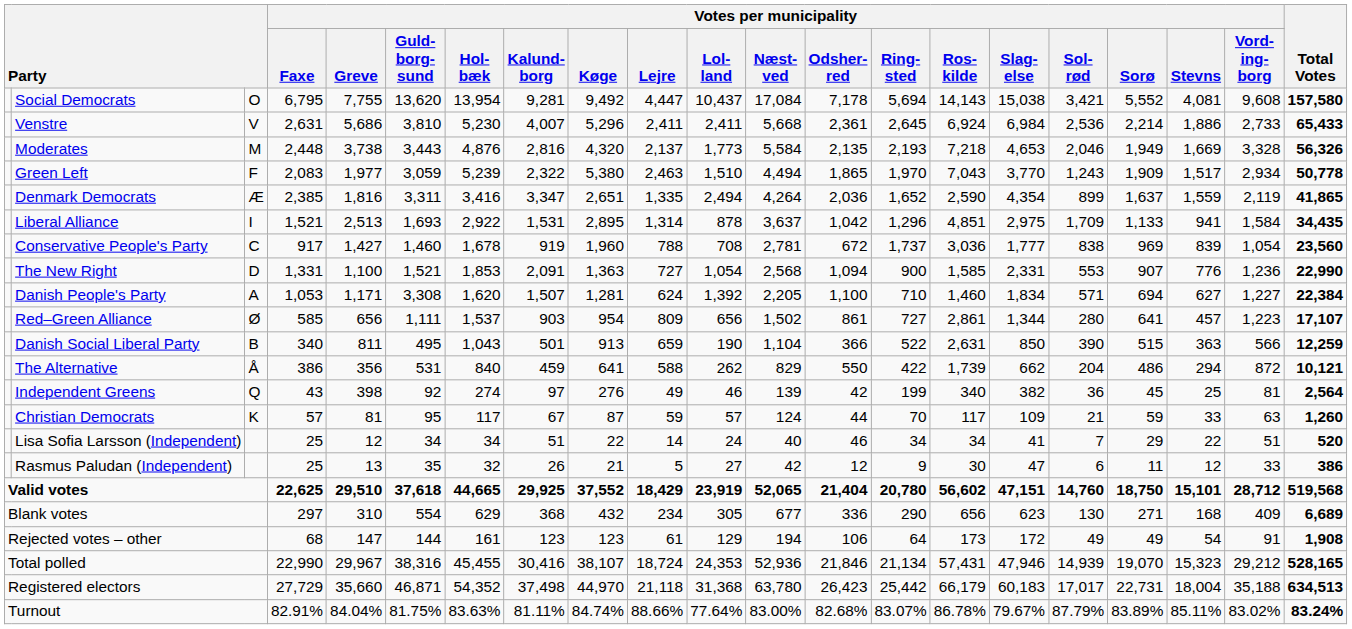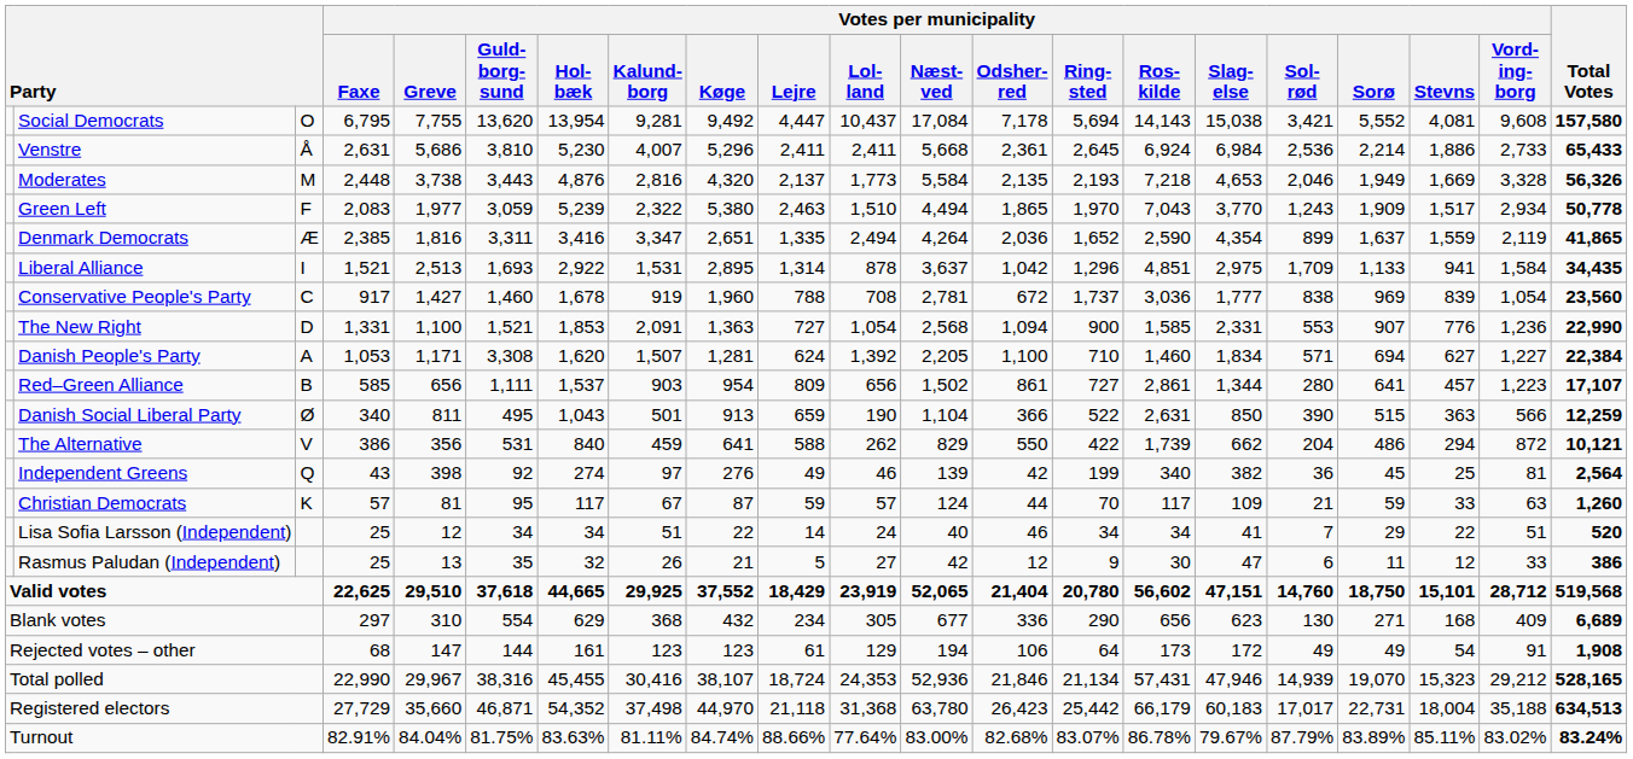 <table class="wikitable" border="1" style="text-align:right;">
 <tr>
 <th style="text-align:left;" valign=bottom rowspan=2 colspan=3>Party</th>
 <th colspan=17>Votes per municipality</th>
 <th align=center valign=bottom rowspan=2 width="50">Total Votes</th>
 </tr>
 <tr>
 <th align=center valign=bottom width="50"><a href='#'>Faxe</a></th>
 <th align=center valign=bottom width="50"><a href='#'>Greve</a></th>
 <th align=center valign=bottom width="50"><a href='#'>Guld- borg- sund</a></th>
 <th align=center valign=bottom width="50"><a href='#'>Hol- bæk</a></th>
 <th align=center valign=bottom width="50"><a href='#'>Kalund- borg</a></th>
 <th align=center valign=bottom width="50"><a href='#'>Køge</a></th>
 <th align=center valign=bottom width="50"><a href='#'>Lejre</a></th>
 <th align=center valign=bottom width="50"><a href='#'>Lol- land</a></th>
 <th align=center valign=bottom width="50"><a href='#'>Næst- ved</a></th>
 <th align=center valign=bottom width="50"><a href='#'>Odsher- red</a></th>
 <th align=center valign=bottom width="50"><a href='#'>Ring- sted</a></th>
 <th align=center valign=bottom width="50"><a href='#'>Ros- kilde</a></th>
 <th align=center valign=bottom width="50"><a href='#'>Slag- else</a></th>
 <th align=center valign=bottom width="50"><a href='#'>Sol- rød</a></th>
 <th align=center valign=bottom width="50"><a href='#'>Sorø</a></th>
 <th align=center valign=bottom width="50"><a href='#'>Stevns</a></th>
 <th align=center valign=bottom width="50"><a href='#'>Vord- ing- borg</a></th>
 </tr>
 <tr>
 <td></td>
 <td align=left><a href='#'>Social Democrats</a></td>
 <td align=left>O</td>
 <td>6,795</td>
 <td>7,755</td>
 <td>13,620</td>
 <td>13,954</td>
 <td>9,281</td>
 <td>9,492</td>
 <td>4,447</td>
 <td>10,437</td>
 <td>17,084</td>
 <td>7,178</td>
 <td>5,694</td>
 <td>14,143</td>
 <td>15,038</td>
 <td>3,421</td>
 <td>5,552</td>
 <td>4,081</td>
 <td>9,608</td>
 <td><strong>157,580</strong></td>
 </tr>
 <tr>
 <td></td>
 <td align=left><a href='#'>Venstre</a></td>
-<td align=left>V</td>
+<td align=left>Å</td>
 <td>2,631</td>
 <td>5,686</td>
 <td>3,810</td>
 <td>5,230</td>
 <td>4,007</td>
 <td>5,296</td>
 <td>2,411</td>
 <td>2,411</td>
 <td>5,668</td>
 <td>2,361</td>
 <td>2,645</td>
 <td>6,924</td>
 <td>6,984</td>
 <td>2,536</td>
 <td>2,214</td>
 <td>1,886</td>
 <td>2,733</td>
 <td><strong>65,433</strong></td>
 </tr>
 <tr>
 <td></td>
 <td align=left><a href='#'>Moderates</a></td>
 <td align=left>M</td>
 <td>2,448</td>
 <td>3,738</td>
 <td>3,443</td>
 <td>4,876</td>
 <td>2,816</td>
 <td>4,320</td>
 <td>2,137</td>
 <td>1,773</td>
 <td>5,584</td>
 <td>2,135</td>
 <td>2,193</td>
 <td>7,218</td>
 <td>4,653</td>
 <td>2,046</td>
 <td>1,949</td>
 <td>1,669</td>
 <td>3,328</td>
 <td><strong>56,326</strong></td>
 </tr>
 <tr>
 <td></td>
 <td align=left><a href='#'>Green Left</a></td>
 <td align=left>F</td>
 <td>2,083</td>
 <td>1,977</td>
 <td>3,059</td>
 <td>5,239</td>
 <td>2,322</td>
 <td>5,380</td>
 <td>2,463</td>
 <td>1,510</td>
 <td>4,494</td>
 <td>1,865</td>
 <td>1,970</td>
 <td>7,043</td>
 <td>3,770</td>
 <td>1,243</td>
 <td>1,909</td>
 <td>1,517</td>
 <td>2,934</td>
 <td><strong>50,778</strong></td>
 </tr>
 <tr>
 <td></td>
 <td align=left><a href='#'>Denmark Democrats</a></td>
 <td align=left>Æ</td>
 <td>2,385</td>
 <td>1,816</td>
 <td>3,311</td>
 <td>3,416</td>
 <td>3,347</td>
 <td>2,651</td>
 <td>1,335</td>
 <td>2,494</td>
 <td>4,264</td>
 <td>2,036</td>
 <td>1,652</td>
 <td>2,590</td>
 <td>4,354</td>
 <td>899</td>
 <td>1,637</td>
 <td>1,559</td>
 <td>2,119</td>
 <td><strong>41,865</strong></td>
 </tr>
 <tr>
 <td></td>
 <td align=left><a href='#'>Liberal Alliance</a></td>
 <td align=left>I</td>
 <td>1,521</td>
 <td>2,513</td>
 <td>1,693</td>
 <td>2,922</td>
 <td>1,531</td>
 <td>2,895</td>
 <td>1,314</td>
 <td>878</td>
 <td>3,637</td>
 <td>1,042</td>
 <td>1,296</td>
 <td>4,851</td>
 <td>2,975</td>
 <td>1,709</td>
 <td>1,133</td>
 <td>941</td>
 <td>1,584</td>
 <td><strong>34,435</strong></td>
 </tr>
 <tr>
 <td></td>
 <td align=left style="white-space: nowrap;"><a href='#'>Conservative People's Party</a></td>
 <td align=left>C</td>
 <td>917</td>
 <td>1,427</td>
 <td>1,460</td>
 <td>1,678</td>
 <td>919</td>
 <td>1,960</td>
 <td>788</td>
 <td>708</td>
 <td>2,781</td>
 <td>672</td>
 <td>1,737</td>
 <td>3,036</td>
 <td>1,777</td>
 <td>838</td>
 <td>969</td>
 <td>839</td>
 <td>1,054</td>
 <td><strong>23,560</strong></td>
 </tr>
 <tr>
 <td></td>
 <td align=left><a href='#'>The New Right</a></td>
 <td align=left>D</td>
 <td>1,331</td>
 <td>1,100</td>
 <td>1,521</td>
 <td>1,853</td>
 <td>2,091</td>
 <td>1,363</td>
 <td>727</td>
 <td>1,054</td>
 <td>2,568</td>
 <td>1,094</td>
 <td>900</td>
 <td>1,585</td>
 <td>2,331</td>
 <td>553</td>
 <td>907</td>
 <td>776</td>
 <td>1,236</td>
 <td><strong>22,990</strong></td>
 </tr>
 <tr>
 <td></td>
 <td align=left><a href='#'>Danish People's Party</a></td>
 <td align=left>A</td>
 <td>1,053</td>
 <td>1,171</td>
 <td>3,308</td>
 <td>1,620</td>
 <td>1,507</td>
 <td>1,281</td>
 <td>624</td>
 <td>1,392</td>
 <td>2,205</td>
 <td>1,100</td>
 <td>710</td>
 <td>1,460</td>
 <td>1,834</td>
 <td>571</td>
 <td>694</td>
 <td>627</td>
 <td>1,227</td>
 <td><strong>22,384</strong></td>
 </tr>
 <tr>
 <td></td>
 <td align=left><a href='#'>Red–Green Alliance</a></td>
-<td align=left>Ø</td>
+<td align=left>B</td>
 <td>585</td>
 <td>656</td>
 <td>1,111</td>
 <td>1,537</td>
 <td>903</td>
 <td>954</td>
 <td>809</td>
 <td>656</td>
 <td>1,502</td>
 <td>861</td>
 <td>727</td>
 <td>2,861</td>
 <td>1,344</td>
 <td>280</td>
 <td>641</td>
 <td>457</td>
 <td>1,223</td>
 <td><strong>17,107</strong></td>
 </tr>
 <tr>
 <td></td>
 <td align=left><a href='#'>Danish Social Liberal Party</a></td>
-<td align=left>B</td>
+<td align=left>Ø</td>
 <td>340</td>
 <td>811</td>
 <td>495</td>
 <td>1,043</td>
 <td>501</td>
 <td>913</td>
 <td>659</td>
 <td>190</td>
 <td>1,104</td>
 <td>366</td>
 <td>522</td>
 <td>2,631</td>
 <td>850</td>
 <td>390</td>
 <td>515</td>
 <td>363</td>
 <td>566</td>
 <td><strong>12,259</strong></td>
 </tr>
 <tr>
 <td></td>
 <td align=left><a href='#'>The Alternative</a></td>
-<td align=left>Å</td>
+<td align=left>V</td>
 <td>386</td>
 <td>356</td>
 <td>531</td>
 <td>840</td>
 <td>459</td>
 <td>641</td>
 <td>588</td>
 <td>262</td>
 <td>829</td>
 <td>550</td>
 <td>422</td>
 <td>1,739</td>
 <td>662</td>
 <td>204</td>
 <td>486</td>
 <td>294</td>
 <td>872</td>
 <td><strong>10,121</strong></td>
 </tr>
 <tr>
 <td></td>
 <td align=left><a href='#'>Independent Greens</a></td>
 <td align=left>Q</td>
 <td>43</td>
 <td>398</td>
 <td>92</td>
 <td>274</td>
 <td>97</td>
 <td>276</td>
 <td>49</td>
 <td>46</td>
 <td>139</td>
 <td>42</td>
 <td>199</td>
 <td>340</td>
 <td>382</td>
 <td>36</td>
 <td>45</td>
 <td>25</td>
 <td>81</td>
 <td><strong>2,564</strong></td>
 </tr>
 <tr>
 <td></td>
 <td align=left><a href='#'>Christian Democrats</a></td>
 <td align=left>K</td>
 <td>57</td>
 <td>81</td>
 <td>95</td>
 <td>117</td>
 <td>67</td>
 <td>87</td>
 <td>59</td>
 <td>57</td>
 <td>124</td>
 <td>44</td>
 <td>70</td>
 <td>117</td>
 <td>109</td>
 <td>21</td>
 <td>59</td>
 <td>33</td>
 <td>63</td>
 <td><strong>1,260</strong></td>
 </tr>
 <tr>
 <td></td>
 <td align=left>Lisa Sofia Larsson (<a href='#'>Independent</a>)</td>
 <td></td>
 <td>25</td>
 <td>12</td>
 <td>34</td>
 <td>34</td>
 <td>51</td>
 <td>22</td>
 <td>14</td>
 <td>24</td>
 <td>40</td>
 <td>46</td>
 <td>34</td>
 <td>34</td>
 <td>41</td>
 <td>7</td>
 <td>29</td>
 <td>22</td>
 <td>51</td>
 <td><strong>520</strong></td>
 </tr>
 <tr>
 <td></td>
 <td align=left>Rasmus Paludan (<a href='#'>Independent</a>)</td>
 <td></td>
 <td>25</td>
 <td>13</td>
 <td>35</td>
 <td>32</td>
 <td>26</td>
 <td>21</td>
 <td>5</td>
 <td>27</td>
 <td>42</td>
 <td>12</td>
 <td>9</td>
 <td>30</td>
 <td>47</td>
 <td>6</td>
 <td>11</td>
 <td>12</td>
 <td>33</td>
 <td><strong>386</strong></td>
 </tr>
 <tr style="font-weight:bold">
 <td align=left colspan=3>Valid votes</td>
 <td>22,625</td>
 <td>29,510</td>
 <td>37,618</td>
 <td>44,665</td>
 <td>29,925</td>
 <td>37,552</td>
 <td>18,429</td>
 <td>23,919</td>
 <td>52,065</td>
 <td>21,404</td>
 <td>20,780</td>
 <td>56,602</td>
 <td>47,151</td>
 <td>14,760</td>
 <td>18,750</td>
 <td>15,101</td>
 <td>28,712</td>
 <td>519,568</td>
 </tr>
 <tr>
 <td align=left colspan=3>Blank votes</td>
 <td>297</td>
 <td>310</td>
 <td>554</td>
 <td>629</td>
 <td>368</td>
 <td>432</td>
 <td>234</td>
 <td>305</td>
 <td>677</td>
 <td>336</td>
 <td>290</td>
 <td>656</td>
 <td>623</td>
 <td>130</td>
 <td>271</td>
 <td>168</td>
 <td>409</td>
 <td><strong>6,689</strong></td>
 </tr>
 <tr>
 <td align=left colspan=3>Rejected votes – other</td>
 <td>68</td>
 <td>147</td>
 <td>144</td>
 <td>161</td>
 <td>123</td>
 <td>123</td>
 <td>61</td>
 <td>129</td>
 <td>194</td>
 <td>106</td>
 <td>64</td>
 <td>173</td>
 <td>172</td>
 <td>49</td>
 <td>49</td>
 <td>54</td>
 <td>91</td>
 <td><strong>1,908</strong></td>
 </tr>
 <tr>
 <td align=left colspan=3>Total polled</td>
 <td>22,990</td>
 <td>29,967</td>
 <td>38,316</td>
 <td>45,455</td>
 <td>30,416</td>
 <td>38,107</td>
 <td>18,724</td>
 <td>24,353</td>
 <td>52,936</td>
 <td>21,846</td>
 <td>21,134</td>
 <td>57,431</td>
 <td>47,946</td>
 <td>14,939</td>
 <td>19,070</td>
 <td>15,323</td>
 <td>29,212</td>
 <td><strong>528,165</strong></td>
 </tr>
 <tr>
 <td align=left colspan=3>Registered electors</td>
 <td>27,729</td>
 <td>35,660</td>
 <td>46,871</td>
 <td>54,352</td>
 <td>37,498</td>
 <td>44,970</td>
 <td>21,118</td>
 <td>31,368</td>
 <td>63,780</td>
 <td>26,423</td>
 <td>25,442</td>
 <td>66,179</td>
 <td>60,183</td>
 <td>17,017</td>
 <td>22,731</td>
 <td>18,004</td>
 <td>35,188</td>
 <td><strong>634,513</strong></td>
 </tr>
 <tr>
 <td align=left colspan=3>Turnout</td>
 <td>82.91%</td>
 <td>84.04%</td>
 <td>81.75%</td>
 <td>83.63%</td>
 <td>81.11%</td>
 <td>84.74%</td>
 <td>88.66%</td>
 <td>77.64%</td>
 <td>83.00%</td>
 <td>82.68%</td>
 <td>83.07%</td>
 <td>86.78%</td>
 <td>79.67%</td>
 <td>87.79%</td>
 <td>83.89%</td>
 <td>85.11%</td>
 <td>83.02%</td>
 <td><strong>83.24%</strong></td>
 </tr>
 </table>
